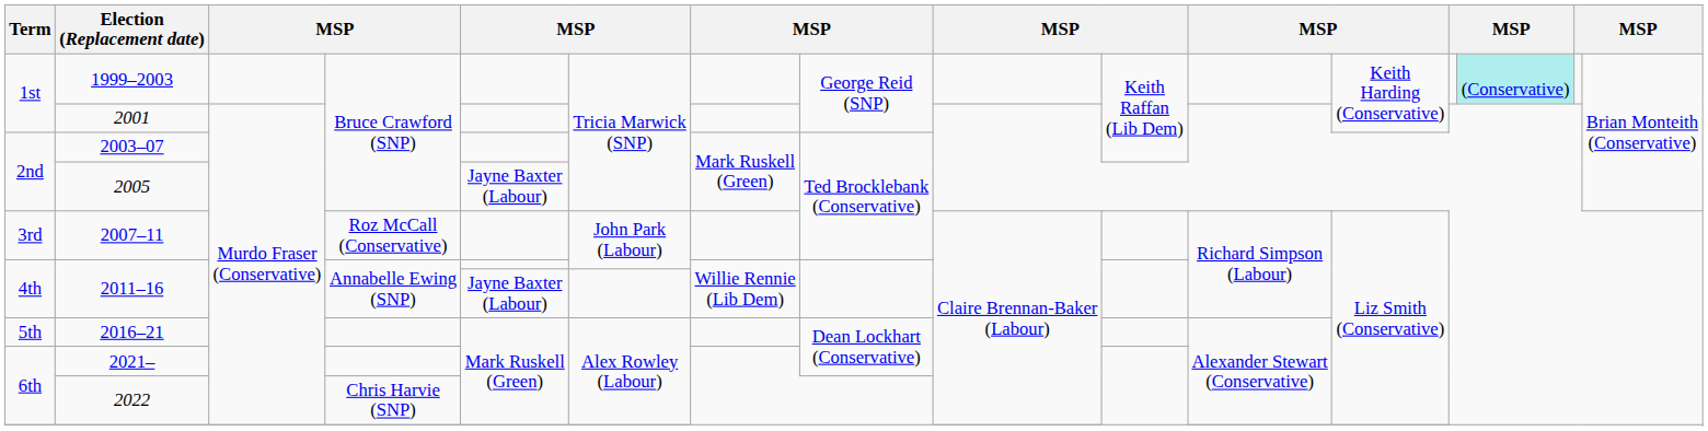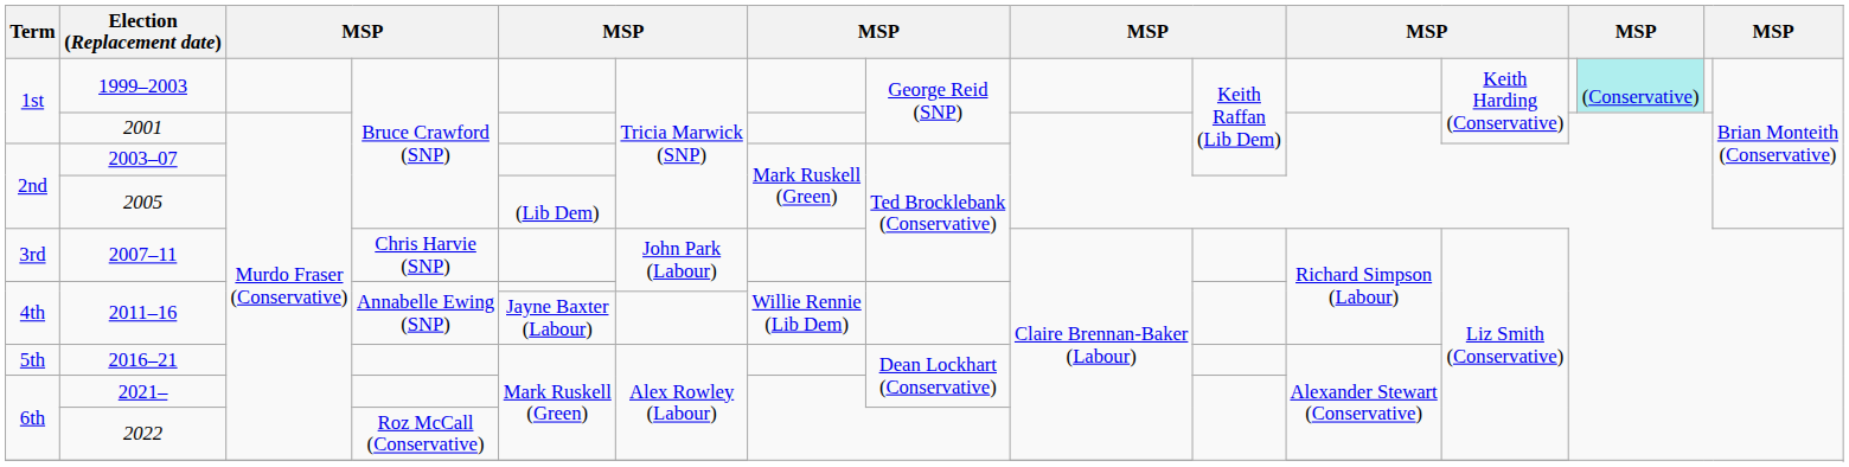 <table class="wikitable" style="text-align:center">
 <tr>
 <th>Term</th>
 <th>Election<br>(<em>Replacement date</em>)</th>
 <th colspan="2">MSP</th>
 <th colspan="2">MSP</th>
 <th colspan="2">MSP</th>
 <th colspan="2">MSP</th>
 <th colspan="2">MSP</th>
 <th colspan="2">MSP</th>
 <th colspan="2">MSP</th>
 </tr>
 <tr>
 <td rowspan="2"><a href='#'>1st</a></td>
 <td><a href='#'>1999–2003</a></td>
 <td></td>
 <td rowspan="4"><a href='#'>Bruce Crawford</a> <br>(<a href='#'>SNP</a>)</td>
 <td></td>
 <td rowspan="4"><a href='#'>Tricia Marwick</a><br>(<a href='#'>SNP</a>)</td>
 <td></td>
 <td rowspan="2"><a href='#'>George Reid</a><br>(<a href='#'>SNP</a>)</td>
 <td></td>
 <td rowspan="3"><a href='#'>Keith<br> Raffan</a><br>(<a href='#'>Lib Dem</a>)</td>
 <td></td>
 <td rowspan="2"><a href='#'>Keith<br> Harding</a><br>(<a href='#'>Conservative</a>)</td>
 <td></td>
 <td style="background: paleturquoise;"><br>(<a href='#'>Conservative</a>)</td>
 <td></td>
 <td rowspan="4"><a href='#'>Brian Monteith</a><br>(<a href='#'>Conservative</a>)</td>
 </tr>
 <tr>
 <td><em>2001</em></td>
 <td rowspan="9"><a href='#'>Murdo Fraser</a><br>(<a href='#'>Conservative</a>)</td>
 </tr>
 <tr>
 <td rowspan="2"><a href='#'>2nd</a></td>
 <td><a href='#'>2003–07</a></td>
 <td></td>
 <td rowspan="2"><a href='#'>Mark Ruskell</a><br>(<a href='#'>Green</a>)</td>
 <td rowspan="3"><a href='#'>Ted Brocklebank</a><br>(<a href='#'>Conservative</a>)</td>
 </tr>
 <tr>
 <td><em>2005</em></td>
-<td><a href='#'>Jayne Baxter</a><br>(<a href='#'>Labour</a>)</td>
+<td><br>(<a href='#'>Lib Dem</a>)</td>
 </tr>
 <tr>
 <td><a href='#'>3rd</a></td>
 <td><a href='#'>2007–11</a></td>
-<td><a href='#'>Roz McCall</a><br>(<a href='#'>Conservative</a>)</td>
+<td><a href='#'>Chris Harvie</a><br>(<a href='#'>SNP</a>)</td>
 <td></td>
 <td rowspan="2"><a href='#'>John Park</a><br>(<a href='#'>Labour</a>)</td>
 <td></td>
 <td rowspan="6"><a href='#'>Claire Brennan-Baker</a><br>(<a href='#'>Labour</a>)</td>
 <td></td>
 <td rowspan="3"><a href='#'>Richard Simpson</a><br>(<a href='#'>Labour</a>)</td>
 <td rowspan="6"><a href='#'>Liz Smith</a><br>(<a href='#'>Conservative</a>)</td>
 </tr>
 <tr>
 <td rowspan="2"><a href='#'>4th</a></td>
 <td rowspan="2"><a href='#'>2011–16</a></td>
 <td rowspan="2"><a href='#'>Annabelle Ewing</a><br>(<a href='#'>SNP</a>)</td>
 <td></td>
 <td rowspan="2"><a href='#'>Willie Rennie</a><br>(<a href='#'>Lib Dem</a>)</td>
 </tr>
 <tr>
 <td><a href='#'>Jayne Baxter</a><br>(<a href='#'>Labour</a>)</td>
 </tr>
 <tr>
 <td><a href='#'>5th</a></td>
 <td><a href='#'>2016–21</a></td>
 <td></td>
 <td rowspan="3"><a href='#'>Mark Ruskell</a><br>(<a href='#'>Green</a>)</td>
 <td rowspan="3"><a href='#'>Alex Rowley</a><br>(<a href='#'>Labour</a>)</td>
 <td></td>
 <td rowspan="2"><a href='#'>Dean Lockhart</a><br>(<a href='#'>Conservative</a>)</td>
 <td></td>
 <td rowspan="3"><a href='#'>Alexander Stewart</a><br>(<a href='#'>Conservative</a>)</td>
 </tr>
 <tr>
 <td rowspan="2"><a href='#'>6th</a></td>
 <td><a href='#'>2021–</a></td>
 </tr>
 <tr>
 <td><em>2022</em></td>
-<td><a href='#'>Chris Harvie</a><br>(<a href='#'>SNP</a>)</td>
+<td><a href='#'>Roz McCall</a><br>(<a href='#'>Conservative</a>)</td>
 </tr>
 <tr>
 </tr>
 </table>
